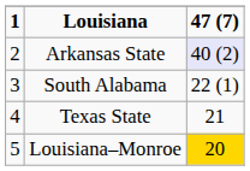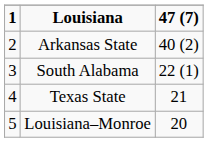 <table class="wikitable" style="display: inline-table;">
 <tr align="center">
 </tr>
 <tr align="center">
 <td><strong>1</strong></td>
 <td><strong>Louisiana</strong></td>
 <td><strong>47 (7)</strong></td>
 </tr>
 <tr align="center">
 <td>2</td>
 <td>Arkansas State</td>
-<td style="background: lavender;">40 (2)</td>
+<td>40 (2)</td>
 </tr>
 <tr align="center">
 <td>3</td>
 <td>South Alabama</td>
 <td>22 (1)</td>
 </tr>
 <tr align="center">
 <td>4</td>
 <td>Texas State</td>
 <td>21</td>
 </tr>
 <tr align="center">
 <td>5</td>
 <td>Louisiana–Monroe</td>
-<td style="background: gold;">20</td>
+<td>20</td>
 </tr>
 </table>
